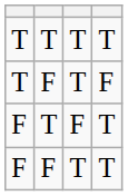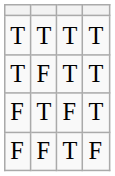 <table class="wikitable">
 <tr>
 <th><em></em></th>
 <th><em></em></th>
 <th><em></em></th>
 <th><em></em></th>
 </tr>
 <tr>
 <td>T</td>
 <td>T</td>
 <td>T</td>
 <td>T</td>
 </tr>
 <tr>
 <td>T</td>
 <td>F</td>
 <td>T</td>
-<td>F</td>
+<td>T</td>
 </tr>
 <tr>
 <td>F</td>
 <td>T</td>
 <td>F</td>
 <td>T</td>
 </tr>
 <tr>
 <td>F</td>
 <td>F</td>
 <td>T</td>
-<td>T</td>
+<td>F</td>
 </tr>
 </table>
